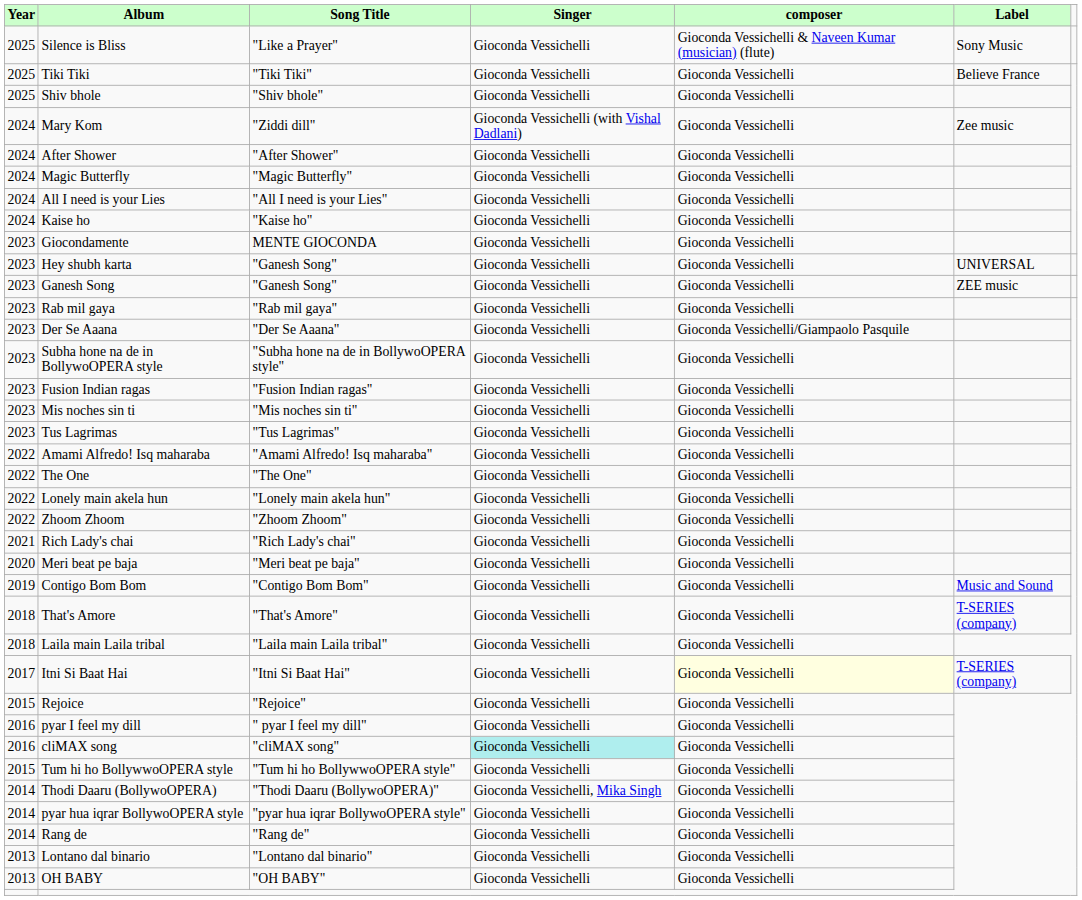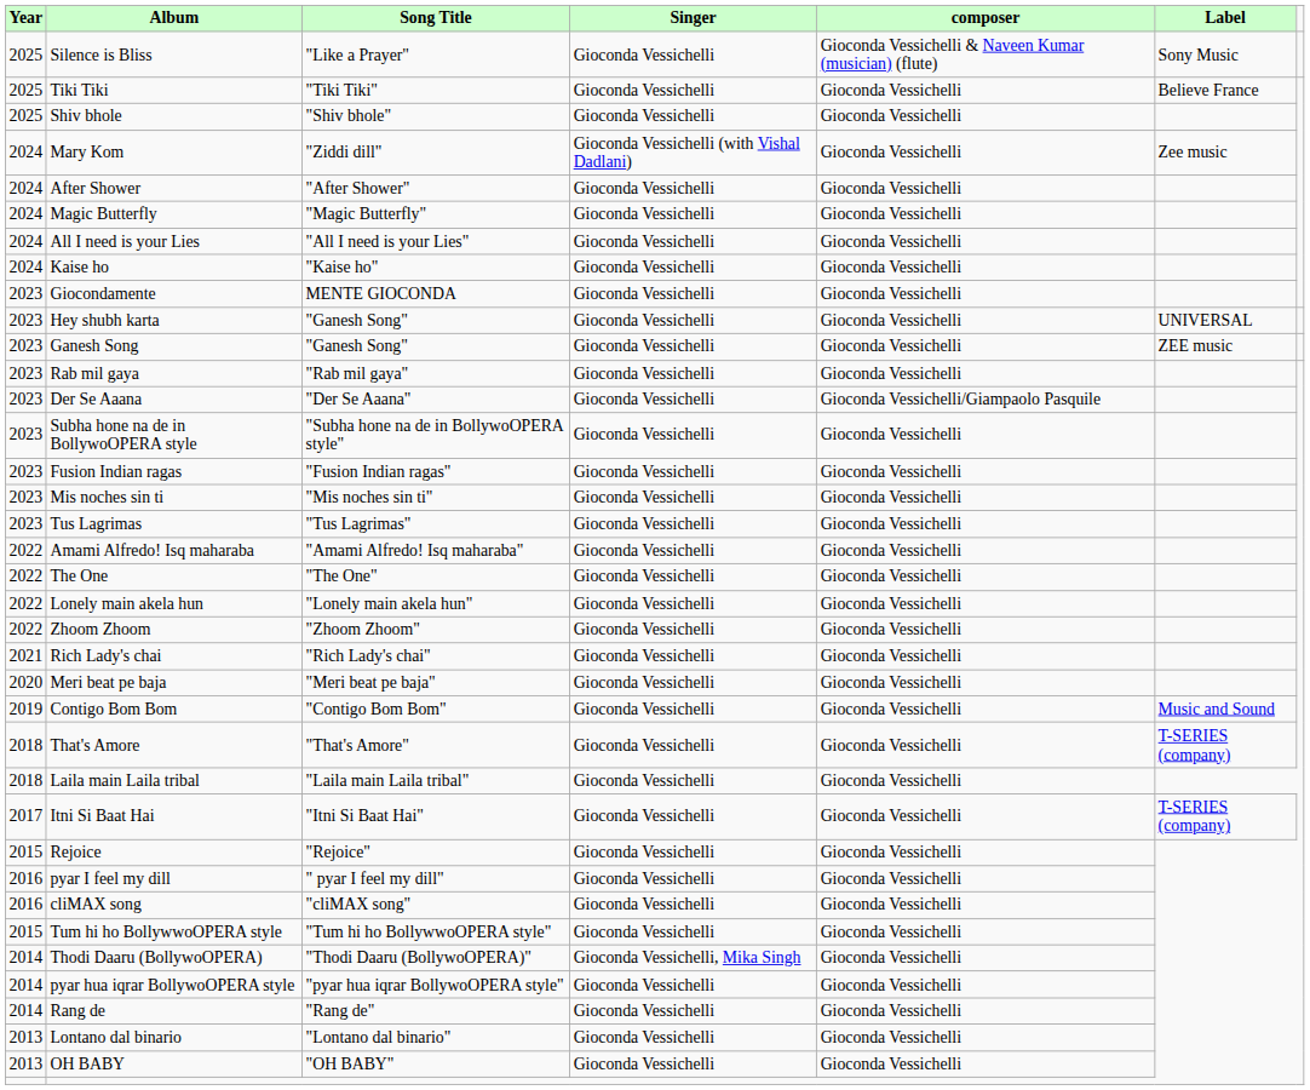 <table class="wikitable sortable">
 <tr style="background:#cfc; text-align:center;">
 <td><strong>Year</strong></td>
 <td><strong>Album</strong></td>
 <td><strong>Song Title</strong></td>
 <td><strong>Singer</strong></td>
 <td><strong>composer</strong></td>
 <td><strong>Label</strong></td>
 </tr>
 <tr>
 <td>2025</td>
 <td>Silence is Bliss</td>
 <td>"Like a Prayer"</td>
 <td>Gioconda Vessichelli</td>
 <td>Gioconda Vessichelli & <a href='#'>Naveen Kumar (musician)</a> (flute)</td>
 <td>Sony Music</td>
 <td></td>
 </tr>
 <tr>
 <td>2025</td>
 <td>Tiki Tiki</td>
 <td>"Tiki Tiki"</td>
 <td>Gioconda Vessichelli</td>
 <td>Gioconda Vessichelli</td>
 <td>Believe France</td>
 </tr>
 <tr>
 <td>2025</td>
 <td>Shiv bhole</td>
 <td>"Shiv bhole"</td>
 <td>Gioconda Vessichelli</td>
 <td>Gioconda Vessichelli</td>
 <td></td>
 </tr>
 <tr>
 <td>2024</td>
 <td>Mary Kom</td>
 <td>"Ziddi dill"</td>
 <td>Gioconda Vessichelli (with <a href='#'>Vishal Dadlani</a>)</td>
 <td>Gioconda Vessichelli</td>
 <td>Zee music</td>
 </tr>
 <tr>
 <td>2024</td>
 <td>After Shower</td>
 <td>"After Shower"</td>
 <td>Gioconda Vessichelli</td>
 <td>Gioconda Vessichelli</td>
 <td></td>
 </tr>
 <tr>
 <td>2024</td>
 <td>Magic Butterfly</td>
 <td>"Magic Butterfly"</td>
 <td>Gioconda Vessichelli</td>
 <td>Gioconda Vessichelli</td>
 <td></td>
 </tr>
 <tr>
 <td>2024</td>
 <td>All I need is your Lies</td>
 <td>"All I need is your Lies"</td>
 <td>Gioconda Vessichelli</td>
 <td>Gioconda Vessichelli</td>
 <td></td>
 </tr>
 <tr>
 <td>2024</td>
 <td>Kaise ho</td>
 <td>"Kaise ho"</td>
 <td>Gioconda Vessichelli</td>
 <td>Gioconda Vessichelli</td>
 <td></td>
 </tr>
 <tr>
 <td>2023</td>
 <td>Giocondamente</td>
 <td>MENTE GIOCONDA</td>
 <td>Gioconda Vessichelli</td>
 <td>Gioconda Vessichelli</td>
 <td></td>
 </tr>
 <tr>
 <td>2023</td>
 <td>Hey shubh karta</td>
 <td>"Ganesh Song"</td>
 <td>Gioconda Vessichelli</td>
 <td>Gioconda Vessichelli</td>
 <td>UNIVERSAL</td>
 <td></td>
 </tr>
 <tr>
 <td>2023</td>
 <td>Ganesh Song</td>
 <td>"Ganesh Song"</td>
 <td>Gioconda Vessichelli</td>
 <td>Gioconda Vessichelli</td>
 <td>ZEE music</td>
 <td></td>
 </tr>
 <tr>
 <td>2023</td>
 <td>Rab mil gaya</td>
 <td>"Rab mil gaya"</td>
 <td>Gioconda Vessichelli</td>
 <td>Gioconda Vessichelli</td>
 <td></td>
 </tr>
 <tr>
 <td>2023</td>
 <td>Der Se Aaana</td>
 <td>"Der Se Aaana"</td>
 <td>Gioconda Vessichelli</td>
 <td>Gioconda Vessichelli/Giampaolo Pasquile</td>
 <td></td>
 </tr>
 <tr>
 <td>2023</td>
 <td>Subha hone na de in BollywoOPERA style</td>
 <td>"Subha hone na de in BollywoOPERA style"</td>
 <td>Gioconda Vessichelli</td>
 <td>Gioconda Vessichelli</td>
 <td></td>
 </tr>
 <tr>
 <td>2023</td>
 <td>Fusion Indian ragas</td>
 <td>"Fusion Indian ragas"</td>
 <td>Gioconda Vessichelli</td>
 <td>Gioconda Vessichelli</td>
 <td></td>
 </tr>
 <tr>
 <td>2023</td>
 <td>Mis noches sin ti</td>
 <td>"Mis noches sin ti"</td>
 <td>Gioconda Vessichelli</td>
 <td>Gioconda Vessichelli</td>
 <td></td>
 </tr>
 <tr>
 <td>2023</td>
 <td>Tus Lagrimas</td>
 <td>"Tus Lagrimas"</td>
 <td>Gioconda Vessichelli</td>
 <td>Gioconda Vessichelli</td>
 <td></td>
 </tr>
 <tr>
 <td>2022</td>
 <td>Amami Alfredo! Isq maharaba</td>
 <td>"Amami Alfredo! Isq maharaba"</td>
 <td>Gioconda Vessichelli</td>
 <td>Gioconda Vessichelli</td>
 <td></td>
 </tr>
 <tr>
 <td>2022</td>
 <td>The One</td>
 <td>"The One"</td>
 <td>Gioconda Vessichelli</td>
 <td>Gioconda Vessichelli</td>
 <td></td>
 </tr>
 <tr>
 <td>2022</td>
 <td>Lonely main akela hun</td>
 <td>"Lonely main akela hun"</td>
 <td>Gioconda Vessichelli</td>
 <td>Gioconda Vessichelli</td>
 <td></td>
 </tr>
 <tr>
 <td>2022</td>
 <td>Zhoom Zhoom</td>
 <td>"Zhoom Zhoom"</td>
 <td>Gioconda Vessichelli</td>
 <td>Gioconda Vessichelli</td>
 <td></td>
 </tr>
 <tr>
 <td>2021</td>
 <td>Rich Lady's chai</td>
 <td>"Rich Lady's chai"</td>
 <td>Gioconda Vessichelli</td>
 <td>Gioconda Vessichelli</td>
 <td></td>
 </tr>
 <tr>
 <td>2020</td>
 <td>Meri beat pe baja</td>
 <td>"Meri beat pe baja"</td>
 <td>Gioconda Vessichelli</td>
 <td>Gioconda Vessichelli</td>
 <td></td>
 </tr>
 <tr>
 <td>2019</td>
 <td>Contigo Bom Bom</td>
 <td>"Contigo Bom Bom"</td>
 <td>Gioconda Vessichelli</td>
 <td>Gioconda Vessichelli</td>
 <td><a href='#'>Music and Sound</a></td>
 </tr>
 <tr>
 <td>2018</td>
 <td>That's Amore</td>
 <td>"That's Amore"</td>
 <td>Gioconda Vessichelli</td>
 <td>Gioconda Vessichelli</td>
 <td><a href='#'>T-SERIES (company)</a></td>
 </tr>
 <tr>
 <td>2018</td>
 <td>Laila main Laila tribal</td>
 <td>"Laila main Laila tribal"</td>
 <td>Gioconda Vessichelli</td>
 <td>Gioconda Vessichelli</td>
 </tr>
 <tr>
 <td>2017</td>
 <td>Itni Si Baat Hai</td>
 <td>"Itni Si Baat Hai"</td>
 <td>Gioconda Vessichelli</td>
-<td style="background: lightyellow;">Gioconda Vessichelli</td>
+<td>Gioconda Vessichelli</td>
 <td><a href='#'>T-SERIES (company)</a></td>
 </tr>
 <tr>
 <td>2015</td>
 <td>Rejoice</td>
 <td>"Rejoice"</td>
 <td>Gioconda Vessichelli</td>
 <td>Gioconda Vessichelli</td>
 </tr>
 <tr>
 <td>2016</td>
 <td>pyar I feel my dill</td>
 <td>" pyar I feel my dill"</td>
 <td>Gioconda Vessichelli</td>
 <td>Gioconda Vessichelli</td>
 </tr>
 <tr>
 <td>2016</td>
 <td>cliMAX song</td>
 <td>"cliMAX song"</td>
-<td style="background: paleturquoise;">Gioconda Vessichelli</td>
+<td>Gioconda Vessichelli</td>
 <td>Gioconda Vessichelli</td>
 </tr>
 <tr>
 <td>2015</td>
 <td>Tum hi ho BollywwoOPERA style</td>
 <td>"Tum hi ho BollywwoOPERA style"</td>
 <td>Gioconda Vessichelli</td>
 <td>Gioconda Vessichelli</td>
 </tr>
 <tr>
 <td>2014</td>
 <td>Thodi Daaru (BollywoOPERA)</td>
 <td>"Thodi Daaru (BollywoOPERA)"</td>
 <td>Gioconda Vessichelli, <a href='#'>Mika Singh</a></td>
 <td>Gioconda Vessichelli</td>
 </tr>
 <tr>
 <td>2014</td>
 <td>pyar hua iqrar BollywoOPERA style</td>
 <td>"pyar hua iqrar BollywoOPERA style"</td>
 <td>Gioconda Vessichelli</td>
 <td>Gioconda Vessichelli</td>
 </tr>
 <tr>
 <td>2014</td>
 <td>Rang de</td>
 <td>"Rang de"</td>
 <td>Gioconda Vessichelli</td>
 <td>Gioconda Vessichelli</td>
 </tr>
 <tr>
 <td>2013</td>
 <td>Lontano dal binario</td>
 <td>"Lontano dal binario"</td>
 <td>Gioconda Vessichelli</td>
 <td>Gioconda Vessichelli</td>
 </tr>
 <tr>
 <td>2013</td>
 <td>OH BABY</td>
 <td>"OH BABY"</td>
 <td>Gioconda Vessichelli</td>
 <td>Gioconda Vessichelli</td>
 </tr>
 <tr>
 <td></td>
 </tr>
 </table>
